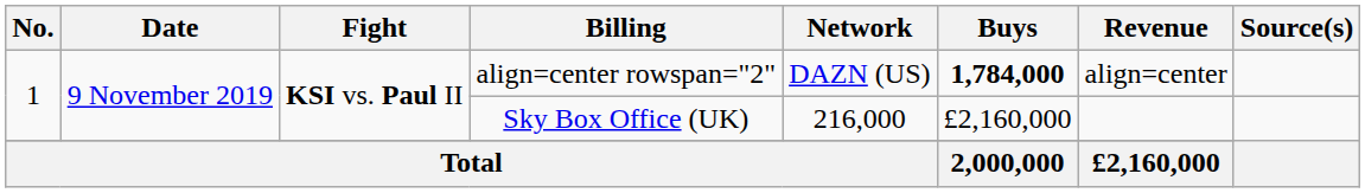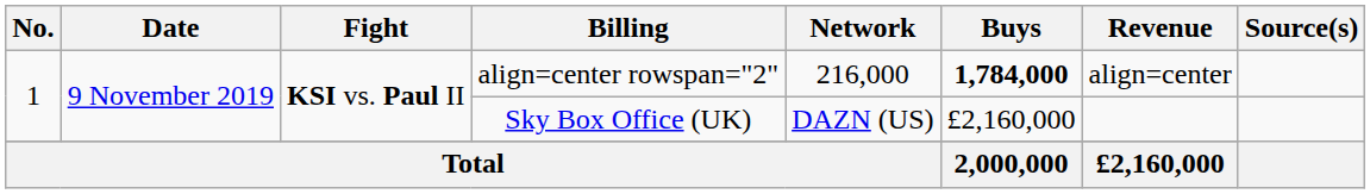 <table class="wikitable sortable">
 <tr>
 <th>No.</th>
 <th>Date</th>
 <th>Fight</th>
 <th>Billing</th>
 <th>Network</th>
 <th>Buys</th>
 <th>Revenue</th>
 <th>Source(s)</th>
 </tr>
 <tr>
 <td align=center rowspan="2">1</td>
 <td align=center rowspan="2"><a href='#'>9 November 2019</a></td>
 <td align=center rowspan="2"><strong>KSI</strong> vs. <strong>Paul</strong> II</td>
 <td>align=center rowspan="2" </td>
-<td align=center><a href='#'>DAZN</a> (US)</td>
+<td align="center">216,000</td>
 <td align=center><strong>1,784,000</strong></td>
 <td>align=center </td>
 <td align="center"></td>
 </tr>
 <tr>
 <td align="center"><a href='#'>Sky Box Office</a> (UK)</td>
-<td align="center">216,000</td>
+<td align=center><a href='#'>DAZN</a> (US)</td>
 <td align="center">£2,160,000</td>
 <td align="center"></td>
 </tr>
 <tr>
 </tr>
 <tr>
 <th colspan="5">Total</th>
 <th><strong>2,000,000</strong></th>
 <th><strong>£2,160,000</strong></th>
 <th></th>
 </tr>
 </table>
